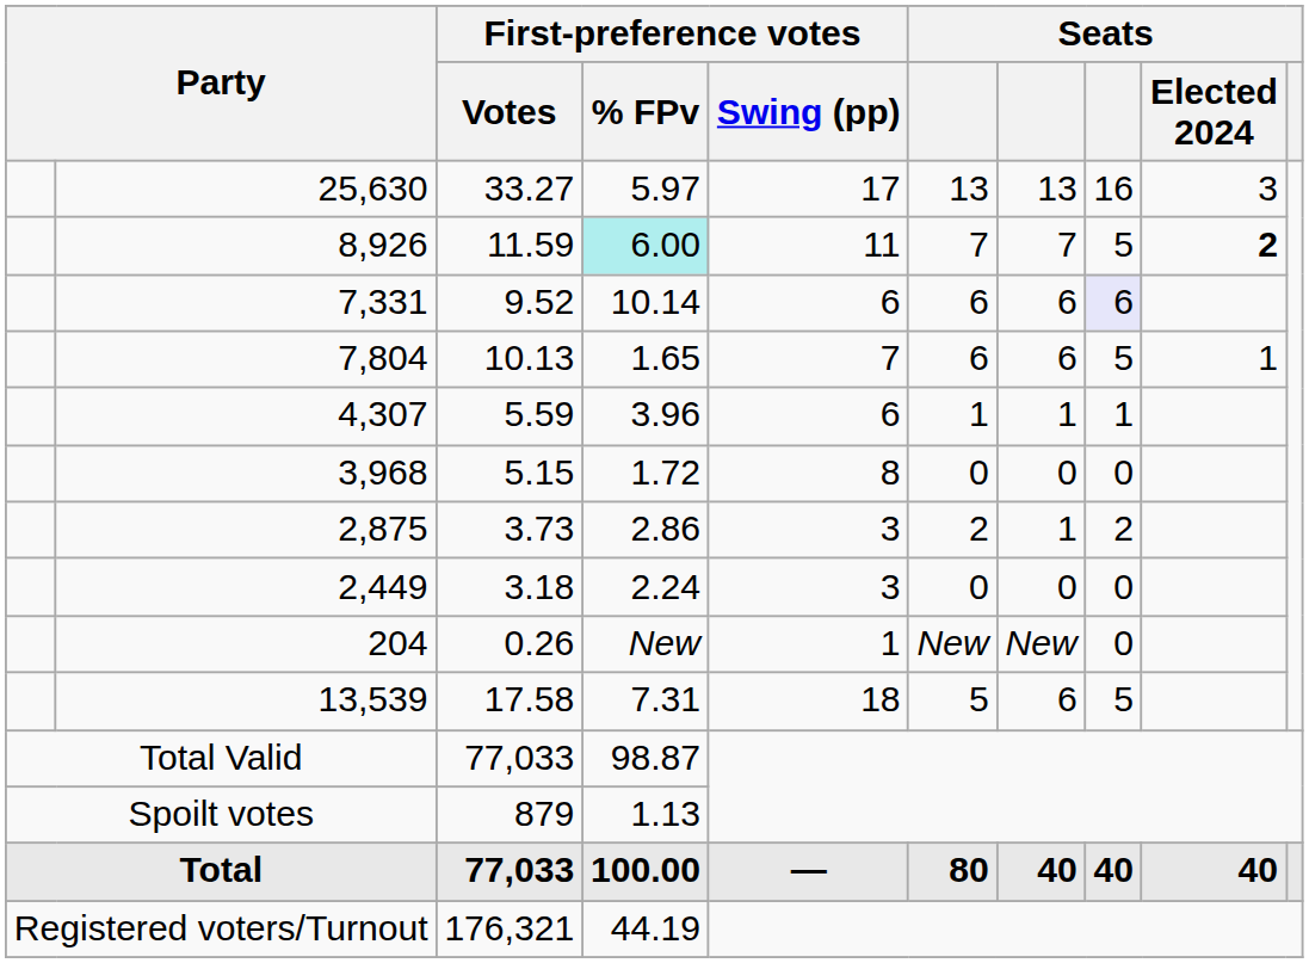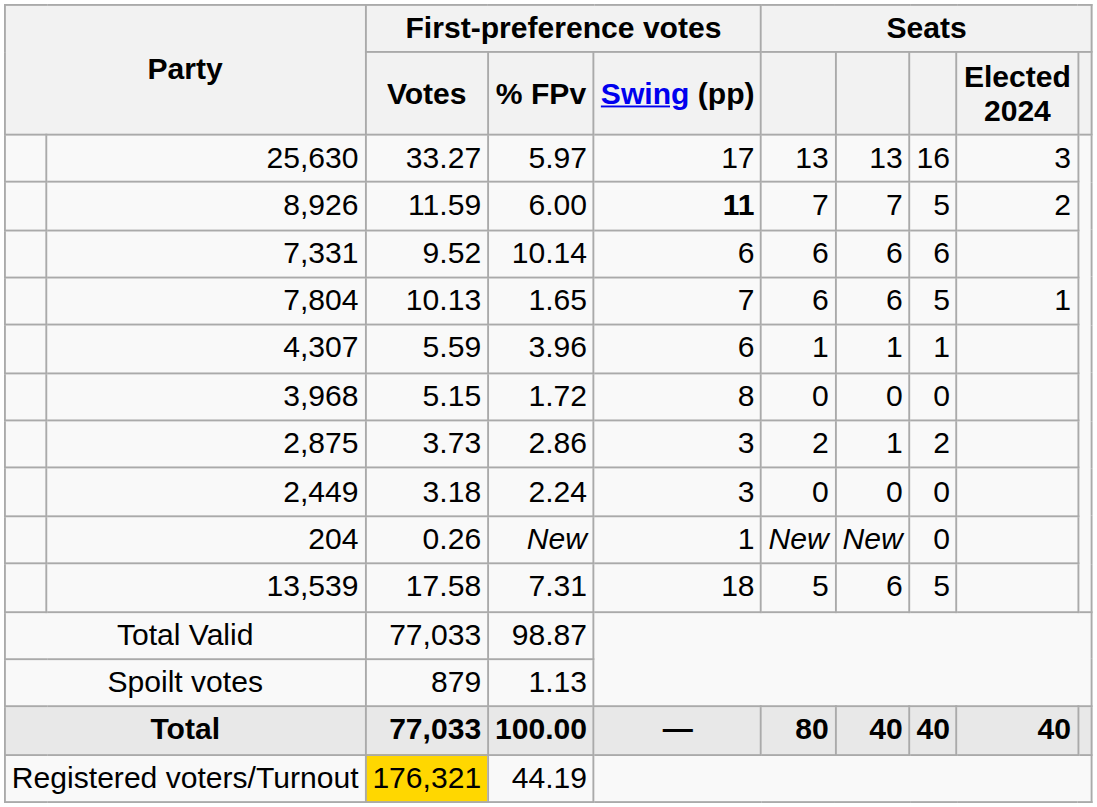 <table class="wikitable sortable" style="text-align:center;">
 <tr style="text-align:right; background-color:#E9E9E9; text-align:center">
 <th rowspan="2" colspan="2">Party</th>
 <th colspan="3">First-preference votes</th>
 <th colspan="5">Seats</th>
 </tr>
 <tr style="text-align:right; background-color:#E9E9E9; text-align:center">
 <th data-sort-type="number">Votes</th>
 <th data-sort-type="number">% FPv</th>
 <th data-sort-type="number"><a href='#'>Swing</a> (pp)</th>
 <th data-sort-type="number"></th>
 <th data-sort-type="number"><a href='#'></a></th>
 <th data-sort-type="number"></th>
 <th data-sort-type="number">Elected<br>2024</th>
 <th data-sort-type="number"></th>
 </tr>
 <tr>
 <td></td>
 <td align=right>25,630</td>
 <td align=right>33.27</td>
 <td align=right>5.97</td>
 <td align=right>17</td>
 <td align=right>13</td>
 <td align=right>13</td>
 <td align=right>16</td>
 <td align=right>3</td>
 </tr>
 <tr>
 <td></td>
 <td align=right>8,926</td>
 <td align=right>11.59</td>
-<td align=right style="background: paleturquoise;">6.00</td>
-<td align=right>11</td>
+<td align=right>6.00</td>
+<td align=right><strong>11</strong></td>
 <td align=right>7</td>
 <td align=right>7</td>
 <td align=right>5</td>
-<td align=right><strong>2</strong></td>
+<td align=right>2</td>
 </tr>
 <tr>
 <td></td>
 <td align=right>7,331</td>
 <td align=right>9.52</td>
 <td align=right>10.14</td>
 <td align=right>6</td>
 <td align=right>6</td>
 <td align=right>6</td>
-<td align=right style="background: lavender;">6</td>
+<td align=right>6</td>
 <td align=right></td>
 </tr>
 <tr>
 <td></td>
 <td align=right>7,804</td>
 <td align=right>10.13</td>
 <td align=right>1.65</td>
 <td align=right>7</td>
 <td align=right>6</td>
 <td align=right>6</td>
 <td align=right>5</td>
 <td align=right>1</td>
 </tr>
 <tr>
 <td></td>
 <td align=right>4,307</td>
 <td align=right>5.59</td>
 <td align=right>3.96</td>
 <td align=right>6</td>
 <td align=right>1</td>
 <td align=right>1</td>
 <td align=right>1</td>
 <td align=right></td>
 </tr>
 <tr>
 <td></td>
 <td align=right>3,968</td>
 <td align=right>5.15</td>
 <td align=right>1.72</td>
 <td align=right>8</td>
 <td align=right>0</td>
 <td align=right>0</td>
 <td align=right>0</td>
 <td align=right></td>
 </tr>
 <tr>
 <td></td>
 <td align=right>2,875</td>
 <td align=right>3.73</td>
 <td align=right>2.86</td>
 <td align=right>3</td>
 <td align=right>2</td>
 <td align=right>1</td>
 <td align=right>2</td>
 <td align=right></td>
 </tr>
 <tr>
 <td></td>
 <td align=right>2,449</td>
 <td align=right>3.18</td>
 <td align=right>2.24</td>
 <td align=right>3</td>
 <td align=right>0</td>
 <td align=right>0</td>
 <td align=right>0</td>
 <td align=right></td>
 </tr>
 <tr>
 <td></td>
 <td align=right>204</td>
 <td align=right>0.26</td>
 <td align=right><em>New</em></td>
 <td align=right>1</td>
 <td align=right><em>New</em></td>
 <td align=right><em>New</em></td>
 <td align=right>0</td>
 <td align=right></td>
 </tr>
 <tr>
 <td></td>
 <td align=right>13,539</td>
 <td align=right>17.58</td>
 <td align=right>7.31</td>
 <td align=right>18</td>
 <td align=right>5</td>
 <td align=right>6</td>
 <td align=right>5</td>
 <td align=right></td>
 </tr>
 <tr class="sortbottom">
 <td colspan=2>Total Valid</td>
 <td align=right>77,033</td>
 <td align=right>98.87</td>
 <td rowspan=2 colspan=6></td>
 </tr>
 <tr>
 <td colspan=2>Spoilt votes</td>
 <td align=right>879</td>
 <td align=right>1.13</td>
 </tr>
 <tr style="font-weight:bold; background:rgb(232,232,232);">
 <td colspan=2>Total</td>
 <td align=right>77,033</td>
 <td align=right>100.00</td>
 <td>—</td>
 <td align=right>80</td>
 <td align=right>40</td>
 <td align=right>40</td>
 <td align=right>40</td>
 <td></td>
 </tr>
 <tr>
 <td colspan=2>Registered voters/Turnout</td>
-<td align=right>176,321</td>
+<td align=right style="background: gold;">176,321</td>
 <td align=right>44.19</td>
 <td colspan=6></td>
 </tr>
 </table>
